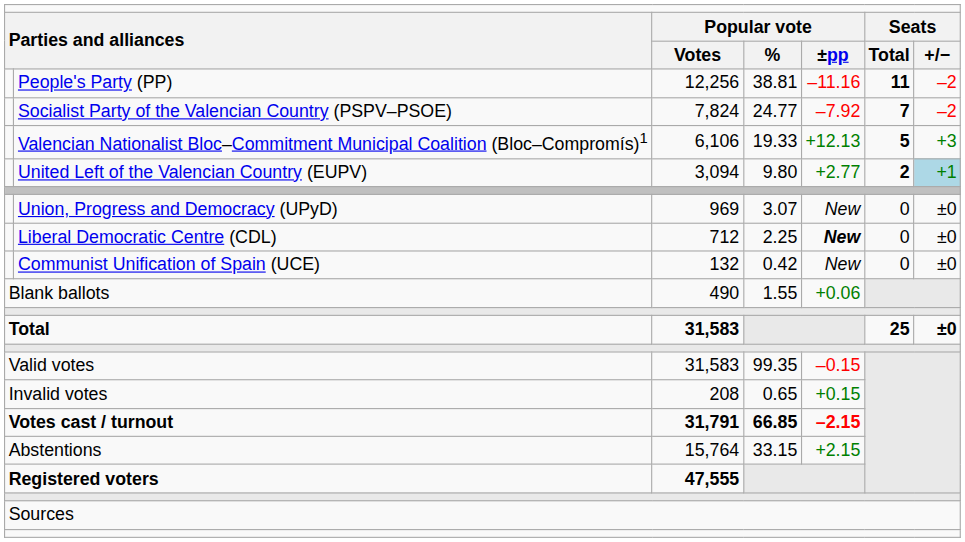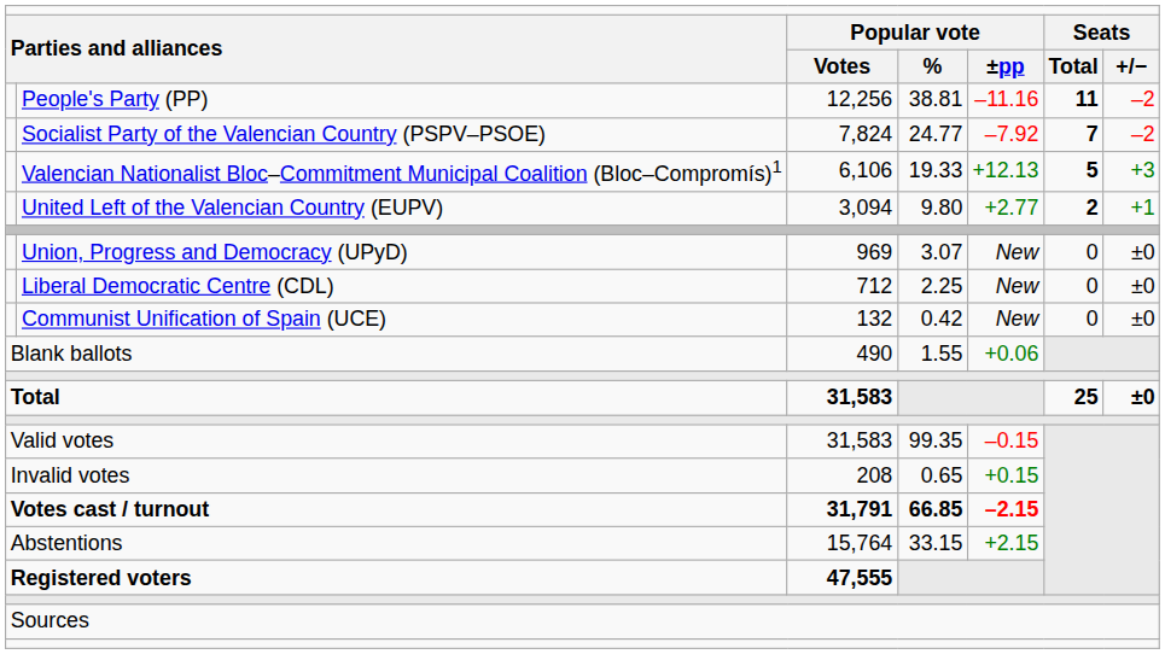 <table class="wikitable" style="text-align:right;">
 <tr>
 <td colspan="7"></td>
 </tr>
 <tr>
 <th style="text-align:left;" rowspan="2" colspan="2" width="525">Parties and alliances</th>
 <th colspan="3">Popular vote</th>
 <th colspan="2">Seats</th>
 </tr>
 <tr>
 <th width="75">Votes</th>
 <th width="45">%</th>
 <th width="45">±<a href='#'>pp</a></th>
 <th width="35">Total</th>
 <th width="35">+/−</th>
 </tr>
 <tr>
 <td width="1" style="color:inherit;background:"></td>
 <td align="left"><a href='#'>People's Party</a> (PP)</td>
 <td>12,256</td>
 <td>38.81</td>
 <td style="color:red;">–11.16</td>
 <td><strong>11</strong></td>
 <td style="color:red;">–2</td>
 </tr>
 <tr>
 <td style="color:inherit;background:"></td>
 <td align="left"><a href='#'>Socialist Party of the Valencian Country</a> (PSPV–PSOE)</td>
 <td>7,824</td>
 <td>24.77</td>
 <td style="color:red;">–7.92</td>
 <td><strong>7</strong></td>
 <td style="color:red;">–2</td>
 </tr>
 <tr>
 <td style="color:inherit;background:"></td>
 <td align="left"><a href='#'>Valencian Nationalist Bloc</a>–<a href='#'>Commitment Municipal Coalition</a> (Bloc–Compromís)<sup>1</sup></td>
 <td>6,106</td>
 <td>19.33</td>
 <td style="color:green;">+12.13</td>
 <td><strong>5</strong></td>
 <td style="color:green;">+3</td>
 </tr>
 <tr>
 <td style="color:inherit;background:"></td>
 <td align="left"><a href='#'>United Left of the Valencian Country</a> (EUPV)</td>
 <td>3,094</td>
 <td>9.80</td>
 <td style="color:green;">+2.77</td>
 <td><strong>2</strong></td>
-<td style="background: lightblue; color:green;">+1</td>
+<td style="color:green;">+1</td>
 </tr>
 <tr>
 <td colspan="7" bgcolor="#C0C0C0"></td>
 </tr>
 <tr>
 <td style="color:inherit;background:"></td>
 <td align="left"><a href='#'>Union, Progress and Democracy</a> (UPyD)</td>
 <td>969</td>
 <td>3.07</td>
 <td><em>New</em></td>
 <td>0</td>
 <td>±0</td>
 </tr>
 <tr>
 <td style="color:inherit;background:"></td>
 <td align="left"><a href='#'>Liberal Democratic Centre</a> (CDL)</td>
 <td>712</td>
 <td>2.25</td>
-<td><strong><em>New</em></strong></td>
+<td><em>New</em></td>
 <td>0</td>
 <td>±0</td>
 </tr>
 <tr>
 <td style="color:inherit;background:"></td>
 <td align="left"><a href='#'>Communist Unification of Spain</a> (UCE)</td>
 <td>132</td>
 <td>0.42</td>
 <td><em>New</em></td>
 <td>0</td>
 <td>±0</td>
 </tr>
 <tr>
 <td align="left" colspan="2">Blank ballots</td>
 <td>490</td>
 <td>1.55</td>
 <td style="color:green;">+0.06</td>
 <td bgcolor="#E9E9E9" colspan="2"></td>
 </tr>
 <tr>
 <td colspan="7" bgcolor="#E9E9E9"></td>
 </tr>
 <tr style="font-weight:bold;">
 <td align="left" colspan="2">Total</td>
 <td>31,583</td>
 <td bgcolor="#E9E9E9" colspan="2"></td>
 <td>25</td>
 <td>±0</td>
 </tr>
 <tr>
 <td colspan="7" bgcolor="#E9E9E9"></td>
 </tr>
 <tr>
 <td align="left" colspan="2">Valid votes</td>
 <td>31,583</td>
 <td>99.35</td>
 <td style="color:red;">–0.15</td>
 <td bgcolor="#E9E9E9" colspan="2" rowspan="5"></td>
 </tr>
 <tr>
 <td align="left" colspan="2">Invalid votes</td>
 <td>208</td>
 <td>0.65</td>
 <td style="color:green;">+0.15</td>
 </tr>
 <tr style="font-weight:bold;">
 <td align="left" colspan="2">Votes cast / turnout</td>
 <td>31,791</td>
 <td>66.85</td>
 <td style="color:red;">–2.15</td>
 </tr>
 <tr>
 <td align="left" colspan="2">Abstentions</td>
 <td>15,764</td>
 <td>33.15</td>
 <td style="color:green;">+2.15</td>
 </tr>
 <tr style="font-weight:bold;">
 <td align="left" colspan="2">Registered voters</td>
 <td>47,555</td>
 <td bgcolor="#E9E9E9" colspan="2"></td>
 </tr>
 <tr>
 <td colspan="7" bgcolor="#E9E9E9"></td>
 </tr>
 <tr>
 <td align="left" colspan="7">Sources</td>
 </tr>
 <tr>
 <td colspan="7" style="text-align:left; max-width:790px;"></td>
 </tr>
 </table>
